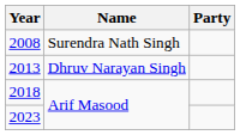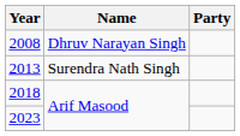 <table class="wikitable sortable">
 <tr>
 <th>Year</th>
 <th>Name</th>
 <th colspan=2>Party</th>
 </tr>
 <tr>
 <td><a href='#'>2008</a></td>
-<td>Surendra Nath Singh</td>
+<td><a href='#'>Dhruv Narayan Singh</a></td>
 <td></td>
 </tr>
 <tr>
 <td><a href='#'>2013</a></td>
-<td><a href='#'>Dhruv Narayan Singh</a></td>
+<td>Surendra Nath Singh</td>
 </tr>
 <tr>
 <td><a href='#'>2018</a></td>
 <td rowspan="2"><a href='#'>Arif Masood</a></td>
 <td></td>
 </tr>
 <tr>
 <td><a href='#'>2023</a></td>
 </tr>
 </table>
